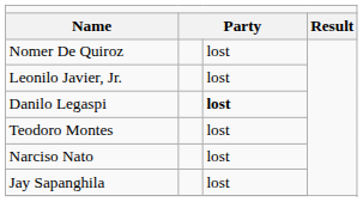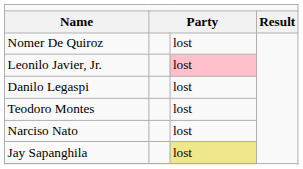 <table class=wikitable style="font-size:90%">
 <tr>
 <td colspan=4 bgcolor=></td>
 </tr>
 <tr>
 <th width=150px>Name</th>
 <th colspan=2 width=110px>Party</th>
 <th>Result</th>
 </tr>
 <tr>
 <td>Nomer De Quiroz</td>
 <td></td>
 <td>lost</td>
 </tr>
 <tr>
 <td>Leonilo Javier, Jr.</td>
 <td></td>
-<td>lost</td>
+<td style="background: pink;">lost</td>
 </tr>
 <tr>
 <td>Danilo Legaspi</td>
 <td></td>
-<td><strong>lost</strong></td>
+<td>lost</td>
 </tr>
 <tr>
 <td>Teodoro Montes</td>
 <td></td>
 <td>lost</td>
 </tr>
 <tr>
 <td>Narciso Nato</td>
 <td></td>
 <td>lost</td>
 </tr>
 <tr>
 <td>Jay Sapanghila</td>
 <td></td>
-<td>lost</td>
+<td style="background: khaki;">lost</td>
 </tr>
 <tr>
 </tr>
 </table>
